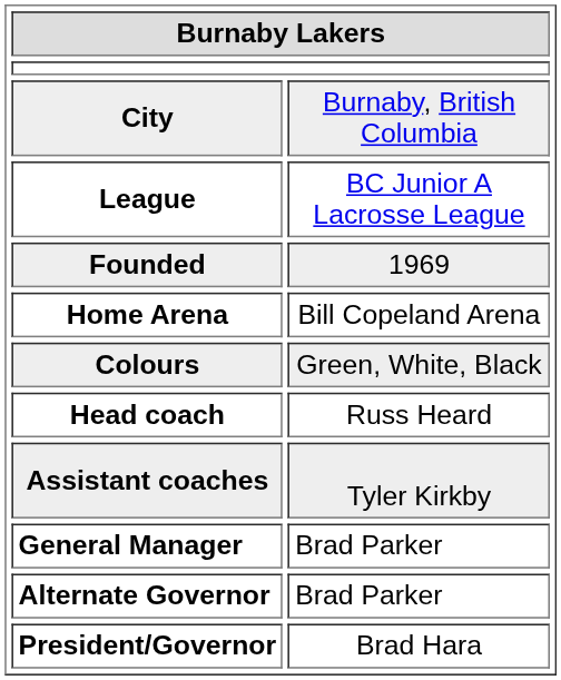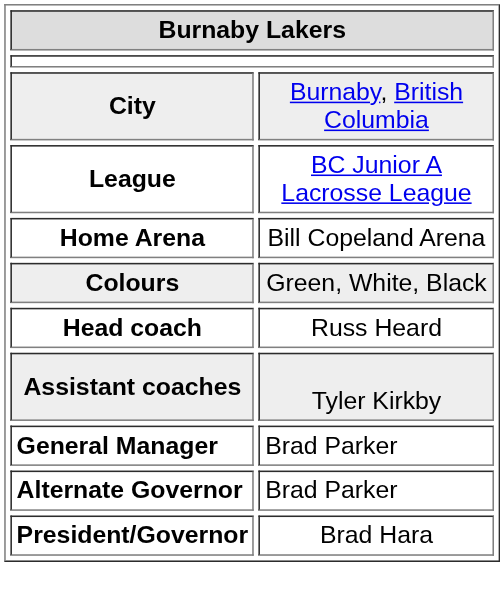 <table border=1 align=right cellpadding=3 cellspacing=3 width=320 style = "margin-left: 0.5em">
 <tr align="center" bgcolor="#dddddd">
 <td colspan=2><strong>Burnaby Lakers</strong></td>
 </tr>
 <tr align="center">
 <td colspan=2></td>
 </tr>
 <tr align="center" bgcolor="#eeeeee">
 <td><strong>City</strong></td>
 <td><a href='#'>Burnaby</a>, <a href='#'>British Columbia</a></td>
 </tr>
 <tr align="center">
 <td><strong>League</strong></td>
 <td><a href='#'>BC Junior A Lacrosse League</a></td>
-</tr>
-<tr align="center"  bgcolor="#eeeeee">
-<td><strong>Founded</strong></td>
-<td>1969</td>
 </tr>
 <tr align="center">
 <td><strong>Home Arena</strong></td>
 <td>Bill Copeland Arena</td>
 </tr>
 <tr align="center" bgcolor="#eeeeee">
 <td><strong>Colours</strong></td>
 <td>Green, White, Black</td>
 </tr>
 <tr align="center">
 <td><strong>Head coach</strong></td>
 <td>Russ Heard</td>
 </tr>
 <tr align="center" bgcolor="#eeeeee">
 <td><strong>Assistant coaches</strong></td>
 <td><br>Tyler Kirkby<br></td>
 </tr>
 <tr align="centre">
 <td><strong>General Manager</strong></td>
 <td>Brad Parker</td>
 </tr>
 <tr align="center|">
 <td><strong>Alternate Governor</strong></td>
 <td>Brad Parker</td>
 </tr>
 <tr align="center">
 <td><strong>President/Governor</strong></td>
 <td>Brad Hara</td>
 </tr>
 </table>
